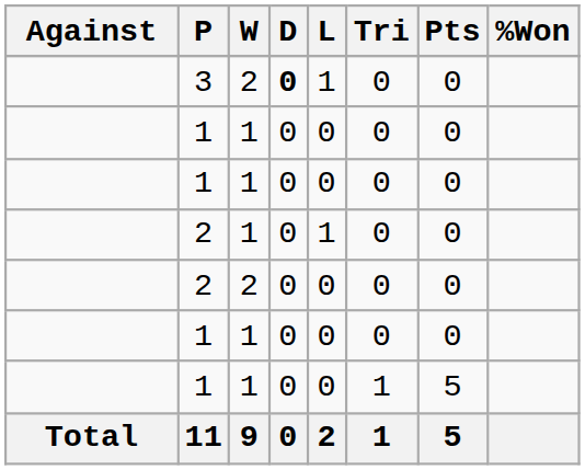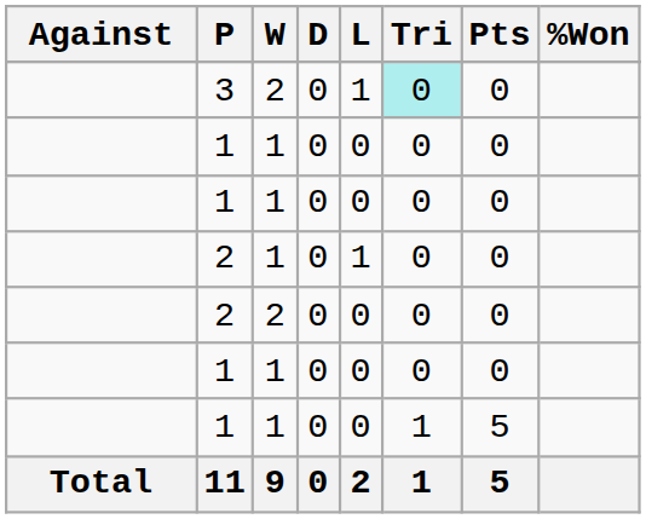 <table class="wikitable sortable"  style="text-align:center; font-size:100%;">
 <tr>
 <th style="width:30%;">Against</th>
 <th abbr="Played" style="width:15px;">P</th>
 <th abbr="Won" style="width:10px;">W</th>
 <th abbr="Drawn" style="width:10px;">D</th>
 <th abbr="Lost" style="width:10px;">L</th>
 <th abbr="Tries" style="width:15px;">Tri</th>
 <th abbr="Points" style="width:18px;">Pts</th>
 <th abbr="Won" style="width:18px;">%Won</th>
 </tr>
 <tr bgcolor="#d0ffd0" align="center">
 </tr>
 <tr>
 <td align="left"></td>
 <td>3</td>
 <td>2</td>
-<td><strong>0</strong></td>
+<td>0</td>
 <td>1</td>
-<td>0</td>
+<td style="background: paleturquoise;">0</td>
 <td>0</td>
 <td></td>
 </tr>
 <tr>
 <td align="left"></td>
 <td>1</td>
 <td>1</td>
 <td>0</td>
 <td>0</td>
 <td>0</td>
 <td>0</td>
 <td></td>
 </tr>
 <tr>
 <td align="left"></td>
 <td>1</td>
 <td>1</td>
 <td>0</td>
 <td>0</td>
 <td>0</td>
 <td>0</td>
 <td></td>
 </tr>
 <tr>
 <td align="left"></td>
 <td>2</td>
 <td>1</td>
 <td>0</td>
 <td>1</td>
 <td>0</td>
 <td>0</td>
 <td></td>
 </tr>
 <tr>
 <td align="left"></td>
 <td>2</td>
 <td>2</td>
 <td>0</td>
 <td>0</td>
 <td>0</td>
 <td>0</td>
 <td></td>
 </tr>
 <tr>
 <td align="left"></td>
 <td>1</td>
 <td>1</td>
 <td>0</td>
 <td>0</td>
 <td>0</td>
 <td>0</td>
 <td></td>
 </tr>
 <tr>
 <td align="left"></td>
 <td>1</td>
 <td>1</td>
 <td>0</td>
 <td>0</td>
 <td>1</td>
 <td>5</td>
 <td></td>
 </tr>
 <tr>
 <th>Total</th>
 <th>11</th>
 <th>9</th>
 <th>0</th>
 <th>2</th>
 <th>1</th>
 <th>5</th>
 <th></th>
 </tr>
 </table>
